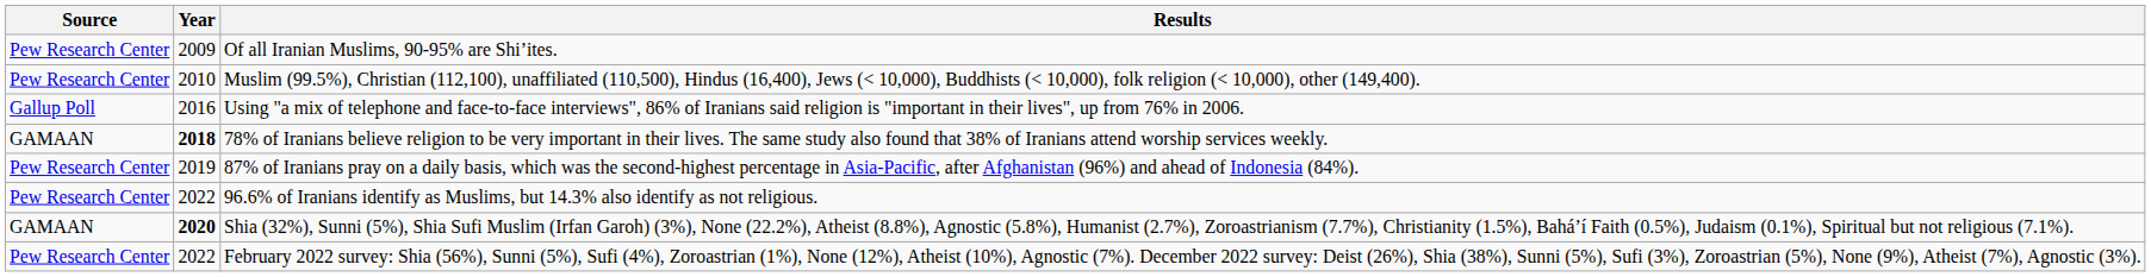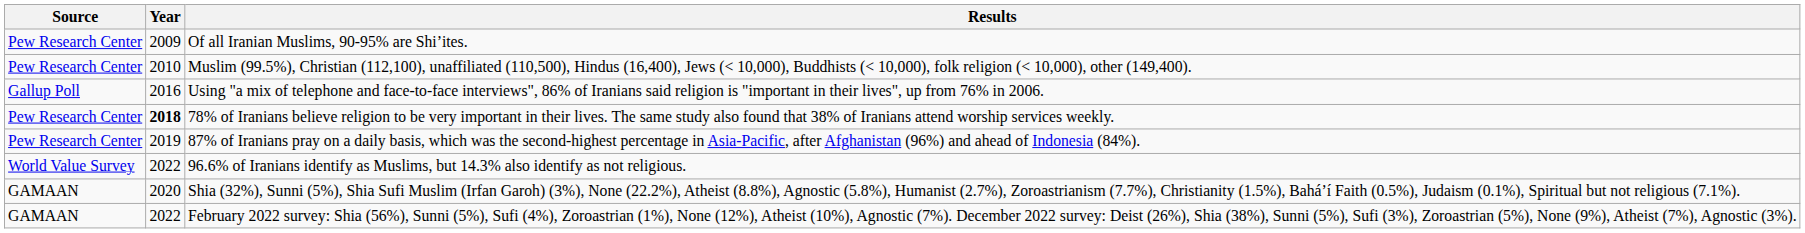 <table class="wikitable">
 <tr>
 <th>Source</th>
 <th>Year</th>
 <th>Results</th>
 </tr>
 <tr>
 <td><a href='#'>Pew Research Center</a></td>
 <td>2009</td>
 <td>Of all Iranian Muslims, 90-95% are Shi’ites.</td>
 </tr>
 <tr>
 <td><a href='#'>Pew Research Center</a></td>
 <td>2010</td>
 <td>Muslim (99.5%), Christian (112,100), unaffiliated (110,500), Hindus (16,400), Jews (< 10,000), Buddhists (< 10,000), folk religion (< 10,000), other (149,400).</td>
 </tr>
 <tr>
 <td><a href='#'>Gallup Poll</a></td>
 <td>2016</td>
 <td>Using "a mix of telephone and face-to-face interviews", 86% of Iranians said religion is "important in their lives", up from 76% in 2006.</td>
 </tr>
 <tr>
-<td>GAMAAN</td>
+<td><a href='#'>Pew Research Center</a></td>
 <td><strong>2018</strong></td>
 <td>78% of Iranians believe religion to be very important in their lives. The same study also found that 38% of Iranians attend worship services weekly.</td>
 </tr>
 <tr>
 <td><a href='#'>Pew Research Center</a></td>
 <td>2019</td>
 <td>87% of Iranians pray on a daily basis, which was the second-highest percentage in <a href='#'>Asia-Pacific</a>, after <a href='#'>Afghanistan</a> (96%) and ahead of <a href='#'>Indonesia</a> (84%).</td>
 </tr>
 <tr>
-<td><a href='#'>Pew Research Center</a></td>
+<td><a href='#'>World Value Survey</a></td>
 <td>2022</td>
 <td>96.6% of Iranians identify as Muslims, but 14.3% also identify as not religious.</td>
 </tr>
 <tr>
 <td>GAMAAN</td>
-<td><strong>2020</strong></td>
+<td>2020</td>
 <td>Shia (32%), Sunni (5%), Shia Sufi Muslim (Irfan Garoh) (3%), None (22.2%), Atheist (8.8%), Agnostic (5.8%), Humanist (2.7%), Zoroastrianism (7.7%), Christianity (1.5%), Baháʼí Faith (0.5%), Judaism (0.1%), Spiritual but not religious (7.1%).<br></td>
 </tr>
 <tr>
-<td><a href='#'>Pew Research Center</a></td>
+<td>GAMAAN</td>
 <td>2022</td>
 <td>February 2022 survey: Shia (56%), Sunni (5%), Sufi (4%), Zoroastrian (1%), None (12%), Atheist (10%), Agnostic (7%). December 2022 survey: Deist (26%), Shia (38%), Sunni (5%), Sufi (3%), Zoroastrian (5%), None (9%), Atheist (7%), Agnostic (3%). </td>
 </tr>
 </table>
